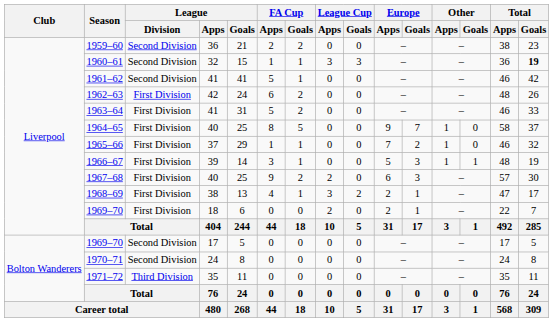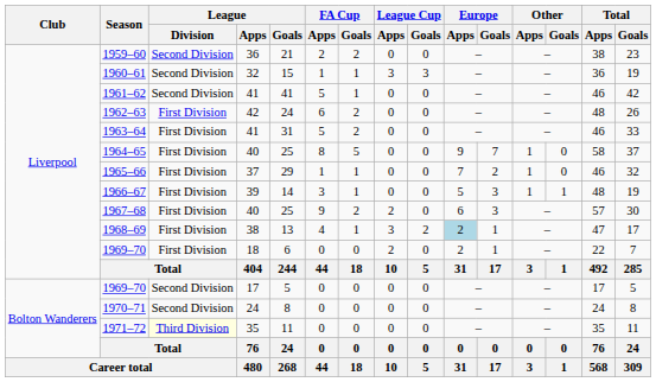 <table class="wikitable" style="text-align:center">
 <tr>
 <th rowspan="2">Club</th>
 <th rowspan="2">Season</th>
 <th colspan="3">League</th>
 <th colspan="2"><a href='#'>FA Cup</a></th>
 <th colspan="2"><a href='#'>League Cup</a></th>
 <th colspan="2"><a href='#'>Europe</a></th>
 <th colspan="2">Other</th>
 <th colspan="2">Total</th>
 </tr>
 <tr>
 <th>Division</th>
 <th>Apps</th>
 <th>Goals</th>
 <th>Apps</th>
 <th>Goals</th>
 <th>Apps</th>
 <th>Goals</th>
 <th>Apps</th>
 <th>Goals</th>
 <th>Apps</th>
 <th>Goals</th>
 <th>Apps</th>
 <th>Goals</th>
 </tr>
 <tr>
 <td rowspan="12"><a href='#'>Liverpool</a></td>
 <td><a href='#'>1959–60</a></td>
 <td><a href='#'>Second Division</a></td>
 <td>36</td>
 <td>21</td>
 <td>2</td>
 <td>2</td>
 <td>0</td>
 <td>0</td>
 <td colspan="2">–</td>
 <td colspan="2">–</td>
 <td>38</td>
 <td>23</td>
 </tr>
 <tr>
 <td><a href='#'>1960–61</a></td>
 <td>Second Division</td>
 <td>32</td>
 <td>15</td>
 <td>1</td>
 <td>1</td>
 <td>3</td>
 <td>3</td>
 <td colspan="2">–</td>
 <td colspan="2">–</td>
 <td>36</td>
-<td><strong>19</strong></td>
+<td>19</td>
 </tr>
 <tr>
 <td><a href='#'>1961–62</a></td>
 <td>Second Division</td>
 <td>41</td>
 <td>41</td>
 <td>5</td>
 <td>1</td>
 <td>0</td>
 <td>0</td>
 <td colspan="2">–</td>
 <td colspan="2">–</td>
 <td>46</td>
 <td>42</td>
 </tr>
 <tr>
 <td><a href='#'>1962–63</a></td>
 <td><a href='#'>First Division</a></td>
 <td>42</td>
 <td>24</td>
 <td>6</td>
 <td>2</td>
 <td>0</td>
 <td>0</td>
 <td colspan="2">–</td>
 <td colspan="2">–</td>
 <td>48</td>
 <td>26</td>
 </tr>
 <tr>
 <td><a href='#'>1963–64</a></td>
 <td>First Division</td>
 <td>41</td>
 <td>31</td>
 <td>5</td>
 <td>2</td>
 <td>0</td>
 <td>0</td>
 <td colspan="2">–</td>
 <td colspan="2">–</td>
 <td>46</td>
 <td>33</td>
 </tr>
 <tr>
 <td><a href='#'>1964–65</a></td>
 <td>First Division</td>
 <td>40</td>
 <td>25</td>
 <td>8</td>
 <td>5</td>
 <td>0</td>
 <td>0</td>
 <td>9</td>
 <td>7</td>
 <td>1</td>
 <td>0</td>
 <td>58</td>
 <td>37</td>
 </tr>
 <tr>
 <td><a href='#'>1965–66</a></td>
 <td>First Division</td>
 <td>37</td>
 <td>29</td>
 <td>1</td>
 <td>1</td>
 <td>0</td>
 <td>0</td>
 <td>7</td>
 <td>2</td>
 <td>1</td>
 <td>0</td>
 <td>46</td>
 <td>32</td>
 </tr>
 <tr>
 <td><a href='#'>1966–67</a></td>
 <td>First Division</td>
 <td>39</td>
 <td>14</td>
 <td>3</td>
 <td>1</td>
 <td>0</td>
 <td>0</td>
 <td>5</td>
 <td>3</td>
 <td>1</td>
 <td>1</td>
 <td>48</td>
 <td>19</td>
 </tr>
 <tr>
 <td><a href='#'>1967–68</a></td>
 <td>First Division</td>
 <td>40</td>
 <td>25</td>
 <td>9</td>
 <td>2</td>
 <td>2</td>
 <td>0</td>
 <td>6</td>
 <td>3</td>
 <td colspan="2">–</td>
 <td>57</td>
 <td>30</td>
 </tr>
 <tr>
 <td><a href='#'>1968–69</a></td>
 <td>First Division</td>
 <td>38</td>
 <td>13</td>
 <td>4</td>
 <td>1</td>
 <td>3</td>
 <td>2</td>
-<td>2</td>
+<td style="background: lightblue;">2</td>
 <td>1</td>
 <td colspan="2">–</td>
 <td>47</td>
 <td>17</td>
 </tr>
 <tr>
 <td><a href='#'>1969–70</a></td>
 <td>First Division</td>
 <td>18</td>
 <td>6</td>
 <td>0</td>
 <td>0</td>
 <td>2</td>
 <td>0</td>
 <td>2</td>
 <td>1</td>
 <td colspan="2">–</td>
 <td>22</td>
 <td>7</td>
 </tr>
 <tr>
 <th colspan="2">Total</th>
 <th>404</th>
 <th>244</th>
 <th>44</th>
 <th>18</th>
 <th>10</th>
 <th>5</th>
 <th>31</th>
 <th>17</th>
 <th>3</th>
 <th>1</th>
 <th>492</th>
 <th>285</th>
 </tr>
 <tr>
 <td rowspan="4"><a href='#'>Bolton Wanderers</a></td>
 <td><a href='#'>1969–70</a></td>
 <td>Second Division</td>
 <td>17</td>
 <td>5</td>
 <td>0</td>
 <td>0</td>
 <td>0</td>
 <td>0</td>
 <td colspan="2">–</td>
 <td colspan="2">–</td>
 <td>17</td>
 <td>5</td>
 </tr>
 <tr>
 <td><a href='#'>1970–71</a></td>
 <td>Second Division</td>
 <td>24</td>
 <td>8</td>
 <td>0</td>
 <td>0</td>
 <td>0</td>
 <td>0</td>
 <td colspan="2">–</td>
 <td colspan="2">–</td>
 <td>24</td>
 <td>8</td>
 </tr>
 <tr>
 <td><a href='#'>1971–72</a></td>
-<td><a href='#'>Third Division</a></td>
+<td style="background: lightyellow;"><a href='#'>Third Division</a></td>
 <td>35</td>
 <td>11</td>
 <td>0</td>
 <td>0</td>
 <td>0</td>
 <td>0</td>
 <td colspan="2">–</td>
 <td colspan="2">–</td>
 <td>35</td>
 <td>11</td>
 </tr>
 <tr>
 <th colspan="2">Total</th>
 <th>76</th>
 <th>24</th>
 <th>0</th>
 <th>0</th>
 <th>0</th>
 <th>0</th>
 <th>0</th>
 <th>0</th>
 <th>0</th>
 <th>0</th>
 <th>76</th>
 <th>24</th>
 </tr>
 <tr>
 <th colspan="3">Career total</th>
 <th>480</th>
 <th>268</th>
 <th>44</th>
 <th>18</th>
 <th>10</th>
 <th>5</th>
 <th>31</th>
 <th>17</th>
 <th>3</th>
 <th>1</th>
 <th>568</th>
 <th>309</th>
 </tr>
 </table>
